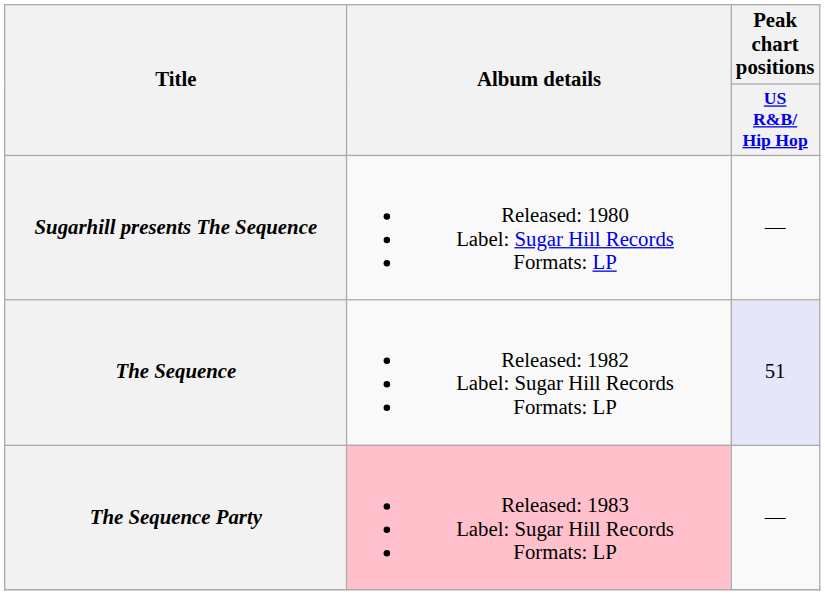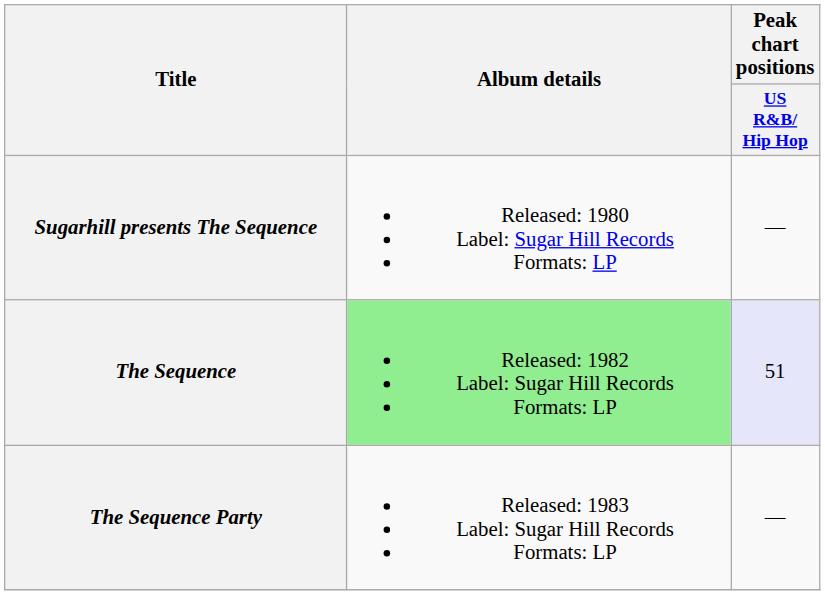 <table class="wikitable plainrowheaders" style="text-align:center;">
 <tr>
 <th scope="col" rowspan="2" style="width:16em;">Title</th>
 <th scope="col" rowspan="2" style="width:18em;">Album details</th>
 <th scope="col" colspan="2">Peak chart positions</th>
 </tr>
 <tr>
 <th style="width:3em;font-size:85%"><a href='#'>US<br>R&B/<br>Hip Hop</a></th>
 </tr>
 <tr>
 <th scope="row"><em>Sugarhill presents The Sequence</em></th>
 <td><br><ul><li>Released: 1980</li><li>Label: <a href='#'>Sugar Hill Records</a></li><li>Formats: <a href='#'>LP</a></li></ul></td>
 <td>—</td>
 </tr>
 <tr>
 <th scope="row"><em>The Sequence</em></th>
-<td><br><ul><li>Released: 1982</li><li>Label: Sugar Hill Records</li><li>Formats: LP</li></ul></td>
+<td style="background: lightgreen;"><br><ul><li>Released: 1982</li><li>Label: Sugar Hill Records</li><li>Formats: LP</li></ul></td>
 <td style="background: lavender;">51</td>
 </tr>
 <tr>
 <th scope="row"><em>The Sequence Party</em></th>
-<td style="background: pink;"><br><ul><li>Released: 1983</li><li>Label: Sugar Hill Records</li><li>Formats: LP</li></ul></td>
+<td><br><ul><li>Released: 1983</li><li>Label: Sugar Hill Records</li><li>Formats: LP</li></ul></td>
 <td>—</td>
 </tr>
 <tr>
 </tr>
 </table>
